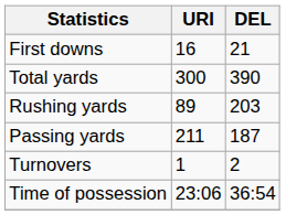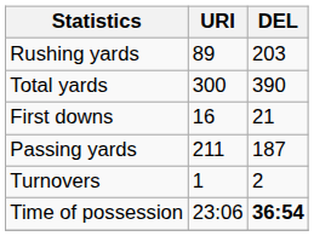 <table class="wikitable" style="float: left;">
 <tr>
 <th>Statistics</th>
 <th>URI</th>
 <th>DEL</th>
 </tr>
 <tr>
-<td>First downs</td>
-<td>16</td>
-<td>21</td>
+<td>Rushing yards</td>
+<td>89</td>
+<td>203</td>
 </tr>
 <tr>
 <td>Total yards</td>
 <td>300</td>
 <td>390</td>
 </tr>
 <tr>
-<td>Rushing yards</td>
-<td>89</td>
-<td>203</td>
+<td>First downs</td>
+<td>16</td>
+<td>21</td>
 </tr>
 <tr>
 <td>Passing yards</td>
 <td>211</td>
 <td>187</td>
 </tr>
 <tr>
 <td>Turnovers</td>
 <td>1</td>
 <td>2</td>
 </tr>
 <tr>
 <td>Time of possession</td>
 <td>23:06</td>
-<td>36:54</td>
+<td><strong>36:54</strong></td>
 </tr>
 <tr>
 </tr>
 </table>
